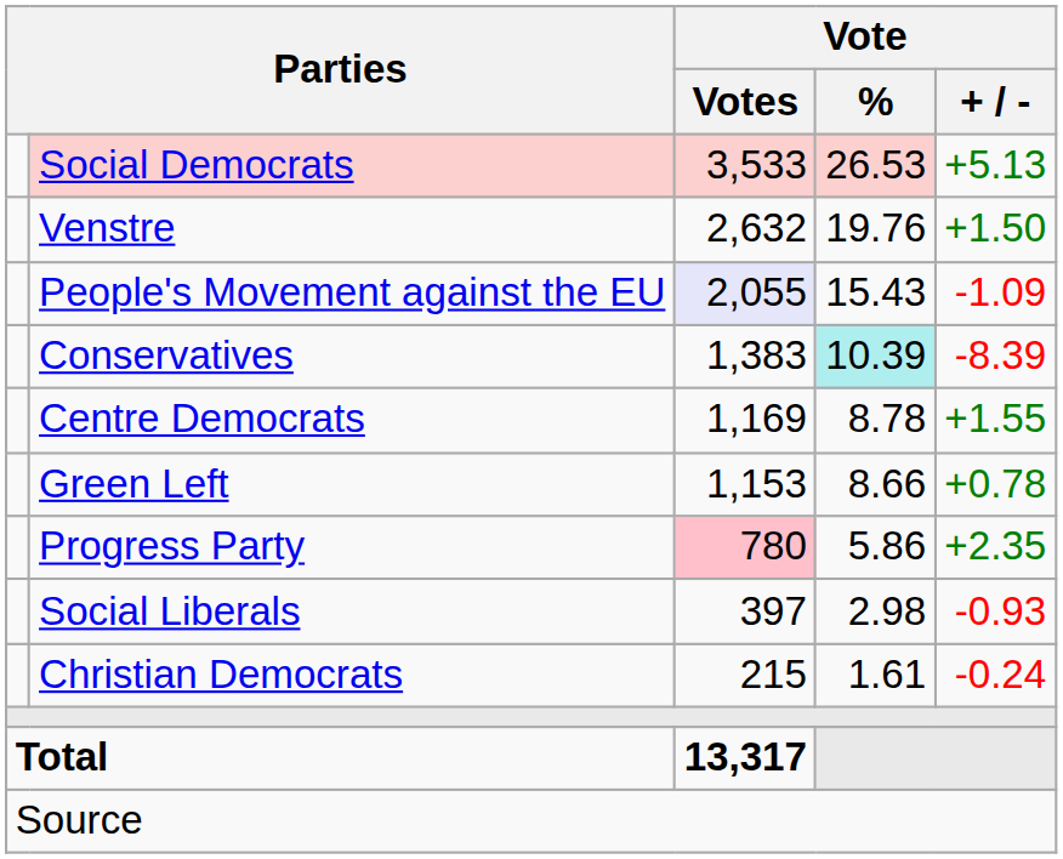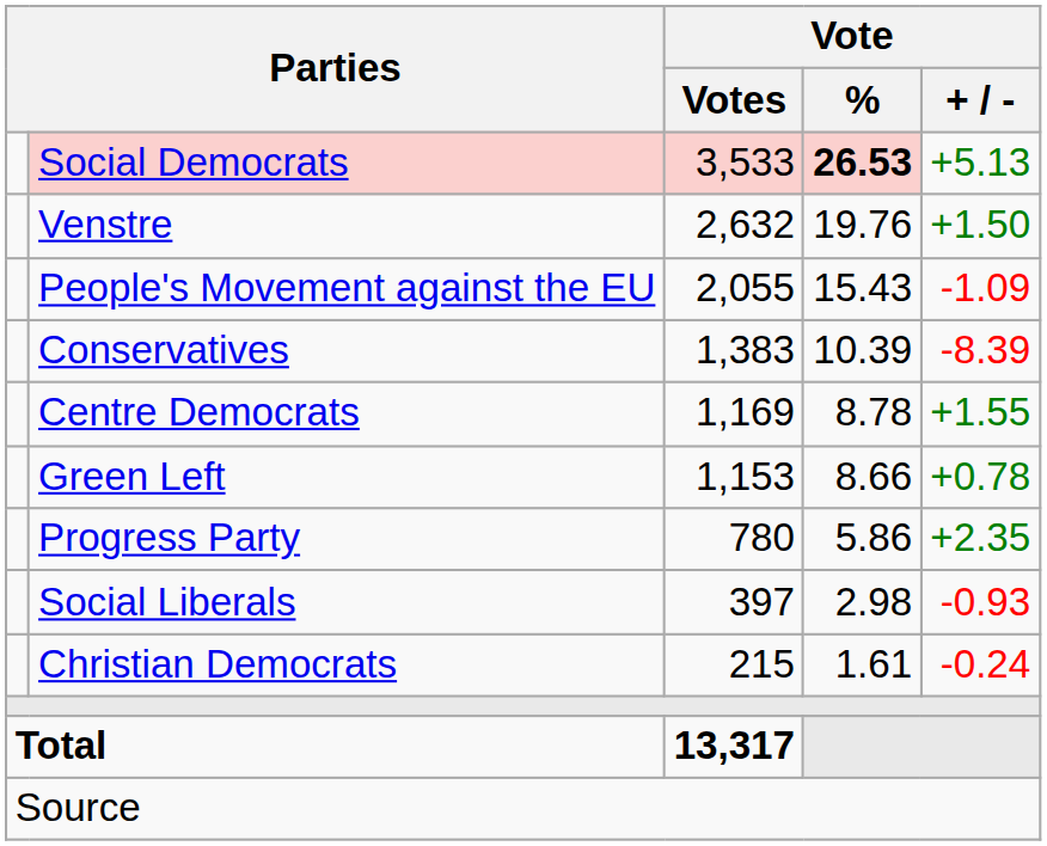 <table class="wikitable" style="text-align:right;">
 <tr>
 <th style="text-align:centre;" rowspan="2" colspan="2" width="225">Parties</th>
 <th colspan="3">Vote</th>
 </tr>
 <tr>
 <th width="15">Votes</th>
 <th width="15">%</th>
 <th width="15">+ / -</th>
 </tr>
 <tr>
 <td width="2" style="color:inherit;background:"></td>
 <td bgcolor=#fbd0ce   align="left"><a href='#'>Social Democrats</a></td>
 <td bgcolor=#fbd0ce>3,533</td>
-<td bgcolor=#fbd0ce>26.53</td>
+<td bgcolor=#fbd0ce><strong>26.53</strong></td>
 <td style=color:green;>+5.13</td>
 </tr>
 <tr>
 <td width="2" style="color:inherit;background:"></td>
 <td align="left"><a href='#'>Venstre</a></td>
 <td>2,632</td>
 <td>19.76</td>
 <td style=color:green;>+1.50</td>
 </tr>
 <tr>
 <td width="2" style="color:inherit;background:"></td>
 <td align="left"><a href='#'>People's Movement against the EU</a></td>
-<td style="background: lavender;">2,055</td>
+<td>2,055</td>
 <td>15.43</td>
 <td style=color:red;>-1.09</td>
 </tr>
 <tr>
 <td width="2" style="color:inherit;background:"></td>
 <td align="left"><a href='#'>Conservatives</a></td>
 <td>1,383</td>
-<td style="background: paleturquoise;">10.39</td>
+<td>10.39</td>
 <td style=color:red;>-8.39</td>
 </tr>
 <tr>
 <td width="2" style="color:inherit;background:"></td>
 <td align="left"><a href='#'>Centre Democrats</a></td>
 <td>1,169</td>
 <td>8.78</td>
 <td style=color:green;>+1.55</td>
 </tr>
 <tr>
 <td width="2" style="color:inherit;background:"></td>
 <td align="left"><a href='#'>Green Left</a></td>
 <td>1,153</td>
 <td>8.66</td>
 <td style=color:green;>+0.78</td>
 </tr>
 <tr>
 <td width="2" style="color:inherit;background:"></td>
 <td align="left"><a href='#'>Progress Party</a></td>
-<td style="background: pink;">780</td>
+<td>780</td>
 <td>5.86</td>
 <td style=color:green;>+2.35</td>
 </tr>
 <tr>
 <td width="2" style="color:inherit;background:"></td>
 <td align="left"><a href='#'>Social Liberals</a></td>
 <td>397</td>
 <td>2.98</td>
 <td style=color:red;>-0.93</td>
 </tr>
 <tr>
 <td width="2" style="color:inherit;background:"></td>
 <td align="left"><a href='#'>Christian Democrats</a></td>
 <td>215</td>
 <td>1.61</td>
 <td style=color:red;>-0.24</td>
 </tr>
 <tr>
 <td colspan="7" bgcolor="#E9E9E9"></td>
 </tr>
 <tr>
 <td align="left" colspan="2"><strong>Total</strong></td>
 <td><strong>13,317</strong></td>
 <td bgcolor="#E9E9E9" colspan="2"></td>
 </tr>
 <tr>
 <td align="left" colspan="6">Source</td>
 </tr>
 </table>
